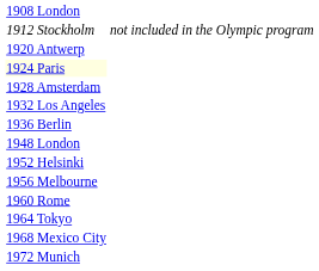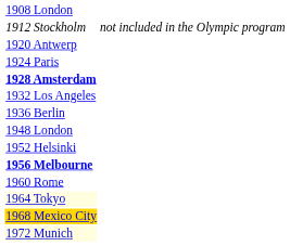 <table>
 <tr valign="top">
 <td><a href='#'>1908 London</a><br></td>
 <td></td>
 <td></td>
 <td></td>
 </tr>
 <tr>
 <td><em>1912 Stockholm</em></td>
 <td colspan=3 align=center><em>not included in the Olympic program</em></td>
 </tr>
 <tr valign="top">
 <td><a href='#'>1920 Antwerp</a><br></td>
 <td></td>
 <td></td>
 <td></td>
 </tr>
 <tr valign="top">
-<td style="background: lightyellow;"><a href='#'>1924 Paris</a><br></td>
+<td><a href='#'>1924 Paris</a><br></td>
 <td></td>
 <td></td>
 <td nowrap></td>
 </tr>
 <tr valign="top">
-<td><a href='#'>1928 Amsterdam</a><br></td>
+<td><strong><a href='#'>1928 Amsterdam</a><br></strong></td>
 <td></td>
 <td></td>
 <td></td>
 </tr>
 <tr valign="top">
 <td><a href='#'>1932 Los Angeles</a><br></td>
 <td></td>
 <td></td>
 <td></td>
 </tr>
 <tr valign="top">
 <td><a href='#'>1936 Berlin</a><br></td>
 <td></td>
 <td></td>
 <td></td>
 </tr>
 <tr valign="top">
 <td><a href='#'>1948 London</a><br></td>
 <td></td>
 <td></td>
 <td></td>
 </tr>
 <tr valign="top">
 <td><a href='#'>1952 Helsinki</a><br></td>
 <td></td>
 <td nowrap></td>
 <td></td>
 </tr>
 <tr valign="top">
-<td><a href='#'>1956 Melbourne</a><br></td>
+<td><strong><a href='#'>1956 Melbourne</a><br></strong></td>
 <td></td>
 <td></td>
 <td></td>
 </tr>
 <tr valign="top">
 <td><a href='#'>1960 Rome</a><br></td>
 <td></td>
 <td></td>
 <td></td>
 </tr>
 <tr valign="top">
-<td><a href='#'>1964 Tokyo</a><br></td>
+<td style="background: lightyellow;"><a href='#'>1964 Tokyo</a><br></td>
 <td></td>
 <td></td>
 <td></td>
 </tr>
 <tr valign="top">
-<td><a href='#'>1968 Mexico City</a><br></td>
+<td style="background: gold;"><a href='#'>1968 Mexico City</a><br></td>
 <td></td>
 <td></td>
 <td></td>
 </tr>
 <tr valign="top">
-<td><a href='#'>1972 Munich</a><br></td>
+<td style="background: lightyellow;"><a href='#'>1972 Munich</a><br></td>
 <td nowrap></td>
 <td></td>
 <td></td>
 </tr>
 </table>
